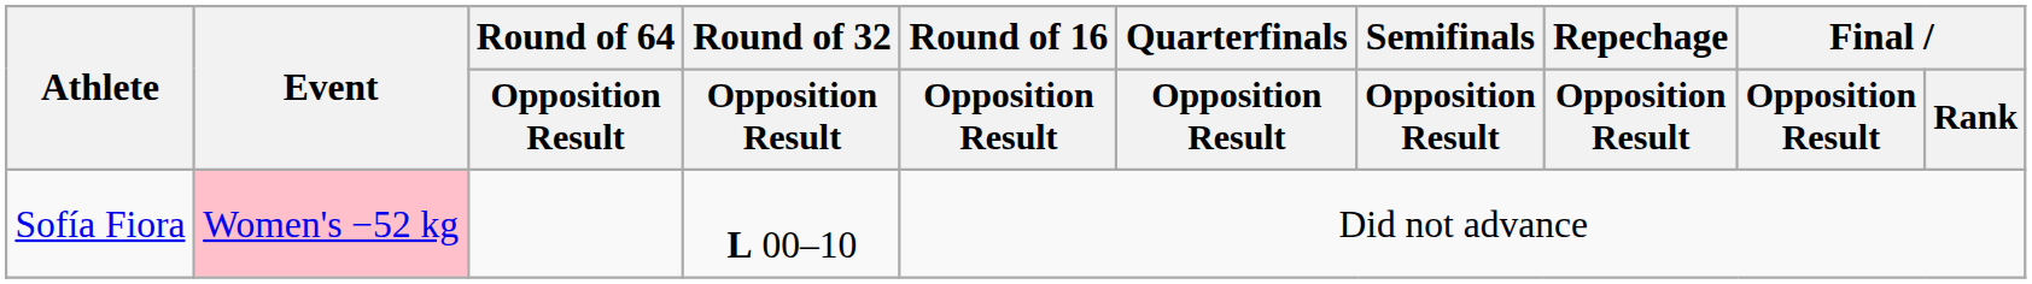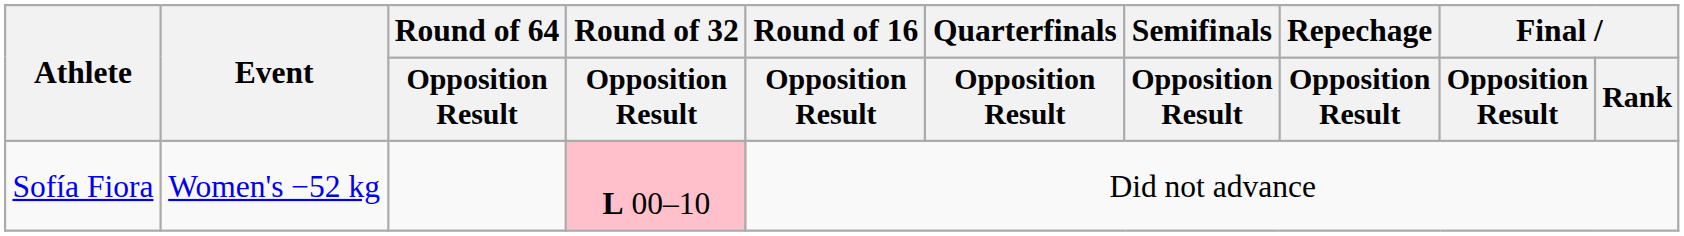 <table class="wikitable" style="font-size:90%">
 <tr>
 <th rowspan="2">Athlete</th>
 <th rowspan="2">Event</th>
 <th>Round of 64</th>
 <th>Round of 32</th>
 <th>Round of 16</th>
 <th>Quarterfinals</th>
 <th>Semifinals</th>
 <th>Repechage</th>
 <th colspan=2>Final / </th>
 </tr>
 <tr style="font-size:95%">
 <th>Opposition<br>Result</th>
 <th>Opposition<br>Result</th>
 <th>Opposition<br>Result</th>
 <th>Opposition<br>Result</th>
 <th>Opposition<br>Result</th>
 <th>Opposition<br>Result</th>
 <th>Opposition<br>Result</th>
 <th>Rank</th>
 </tr>
 <tr align=center>
 <td align=left><a href='#'>Sofía Fiora</a></td>
-<td align=left style="background: pink;"><a href='#'>Women's −52 kg</a></td>
+<td align=left><a href='#'>Women's −52 kg</a></td>
 <td></td>
-<td><br><strong>L</strong> 00–10</td>
+<td style="background: pink;"><br><strong>L</strong> 00–10</td>
 <td colspan=6>Did not advance</td>
 </tr>
 </table>
